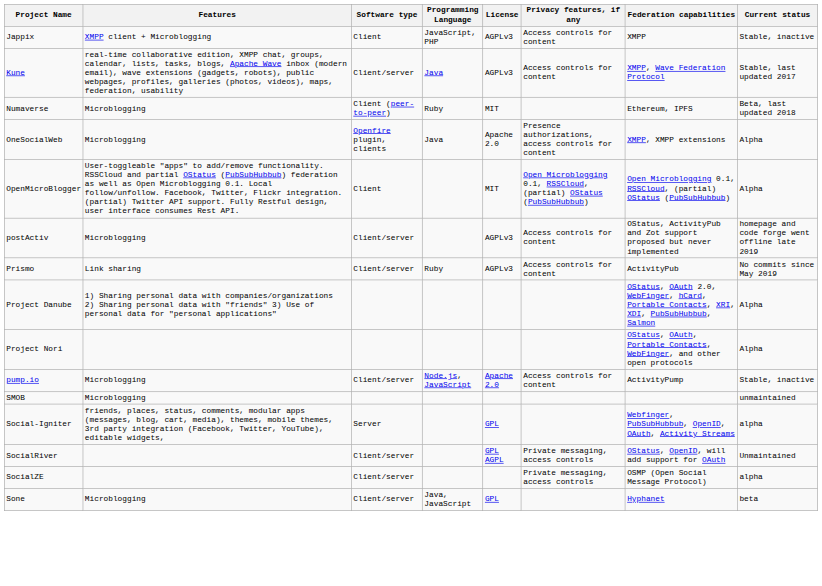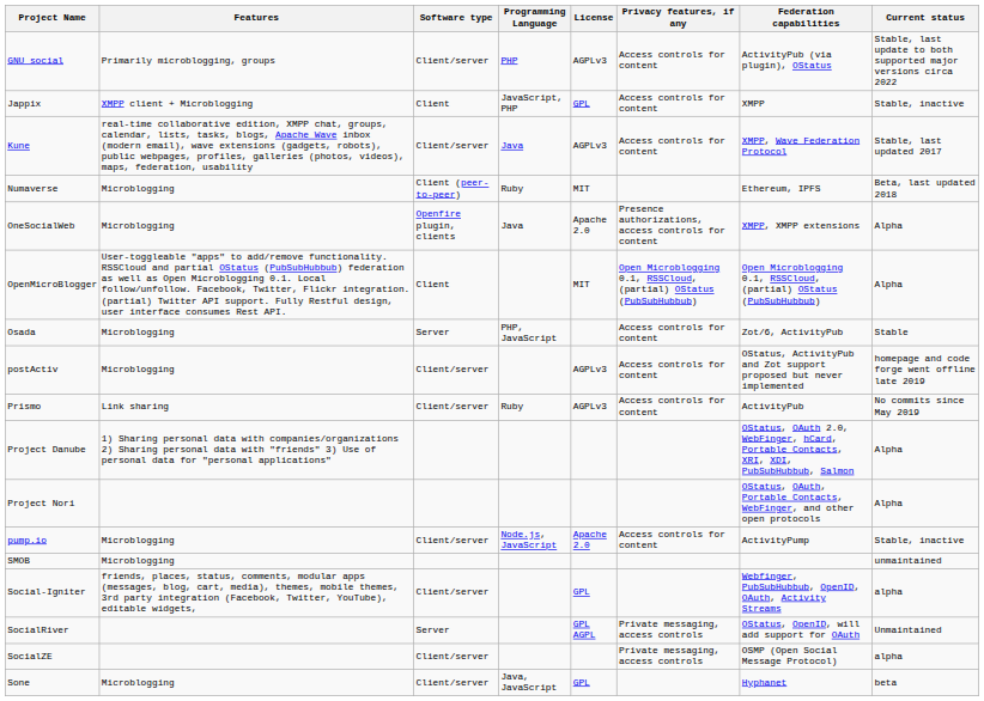 <table class="wikitable sortable" style="font-size: small;">
 <tr>
 <th scope=col>Project Name</th>
 <th scope=col>Features</th>
 <th scope=col>Software type</th>
 <th scope=col>Programming Language</th>
 <th scope=col>License</th>
 <th scope=col>Privacy features, if any</th>
 <th scope=col>Federation capabilities</th>
 <th scope=col>Current status</th>
 </tr>
 <tr>
+<td><a href='#'>GNU social</a></td>
+<td>Primarily microblogging, groups</td>
+<td>Client/server</td>
+<td><a href='#'>PHP</a></td>
+<td>AGPLv3</td>
+<td>Access controls for content</td>
+<td>ActivityPub (via plugin), <a href='#'>OStatus</a></td>
+<td>Stable, last update to both supported major versions circa 2022</td>
+</tr>
+<tr>
 <td>Jappix</td>
 <td><a href='#'>XMPP</a> client + Microblogging</td>
 <td>Client</td>
 <td>JavaScript, PHP</td>
-<td>AGPLv3</td>
+<td><a href='#'>GPL</a></td>
 <td>Access controls for content</td>
 <td>XMPP</td>
 <td>Stable, inactive</td>
 </tr>
 <tr>
 <td><a href='#'>Kune</a></td>
 <td>real-time collaborative edition, XMPP chat, groups, calendar, lists, tasks, blogs, <a href='#'>Apache Wave</a> inbox (modern email), wave extensions (gadgets, robots), public webpages, profiles, galleries (photos, videos), maps, federation, usability</td>
 <td>Client/server</td>
 <td><a href='#'>Java</a></td>
 <td>AGPLv3</td>
 <td>Access controls for content</td>
 <td><a href='#'>XMPP</a>, <a href='#'>Wave Federation Protocol</a></td>
 <td>Stable, last updated 2017</td>
 </tr>
 <tr>
 <td>Numaverse</td>
 <td>Microblogging</td>
 <td>Client (<a href='#'>peer-to-peer</a>)</td>
 <td>Ruby</td>
 <td>MIT</td>
 <td></td>
 <td>Ethereum, IPFS</td>
 <td>Beta, last updated 2018</td>
 </tr>
 <tr>
 <td>OneSocialWeb</td>
 <td>Microblogging</td>
 <td><a href='#'>Openfire</a> plugin, clients</td>
 <td>Java</td>
 <td>Apache 2.0</td>
 <td>Presence authorizations, access controls for content</td>
 <td><a href='#'>XMPP</a>, XMPP extensions</td>
 <td>Alpha</td>
 </tr>
 <tr>
 <td>OpenMicroBlogger</td>
 <td>User-toggleable "apps" to add/remove functionality. RSSCloud and partial <a href='#'>OStatus</a> (<a href='#'>PubSubHubbub</a>) federation as well as Open Microblogging 0.1. Local follow/unfollow. Facebook, Twitter, Flickr integration. (partial) Twitter API support. Fully Restful design, user interface consumes Rest API.</td>
 <td>Client</td>
 <td></td>
 <td>MIT</td>
 <td><a href='#'>Open Microblogging</a> 0.1,  <a href='#'>RSSCloud</a>, (partial) <a href='#'>OStatus</a> (<a href='#'>PubSubHubbub</a>)</td>
 <td><a href='#'>Open Microblogging</a> 0.1,  <a href='#'>RSSCloud</a>, (partial) <a href='#'>OStatus</a> (<a href='#'>PubSubHubbub</a>)</td>
 <td>Alpha</td>
+</tr>
+<tr>
+<td>Osada</td>
+<td>Microblogging</td>
+<td>Server</td>
+<td>PHP, JavaScript</td>
+<td></td>
+<td>Access controls for content</td>
+<td>Zot/6, ActivityPub</td>
+<td>Stable</td>
 </tr>
 <tr>
 <td>postActiv</td>
 <td>Microblogging</td>
 <td>Client/server</td>
 <td></td>
 <td>AGPLv3</td>
 <td>Access controls for content</td>
 <td>OStatus, ActivityPub and Zot support proposed but never implemented</td>
 <td>homepage and code forge went offline late 2019</td>
 </tr>
 <tr>
 <td>Prismo</td>
 <td>Link sharing</td>
 <td>Client/server</td>
 <td>Ruby</td>
 <td>AGPLv3</td>
 <td>Access controls for content</td>
 <td>ActivityPub</td>
 <td>No commits since May 2019</td>
 </tr>
 <tr>
 <td>Project Danube</td>
 <td>1) Sharing personal data with companies/organizations<br>2) Sharing personal data with "friends" 3) Use of personal data for "personal applications"</td>
 <td></td>
 <td></td>
 <td></td>
 <td></td>
 <td><a href='#'>OStatus</a>, <a href='#'>OAuth</a> 2.0, <a href='#'>WebFinger</a>, <a href='#'>hCard</a>, <a href='#'>Portable Contacts</a>, <a href='#'>XRI</a>, <a href='#'>XDI</a>, <a href='#'>PubSubHubbub</a>, <a href='#'>Salmon</a></td>
 <td>Alpha</td>
 </tr>
 <tr>
 <td>Project Nori</td>
 <td></td>
 <td></td>
 <td></td>
 <td></td>
 <td></td>
 <td><a href='#'>OStatus</a>, <a href='#'>OAuth</a>, <a href='#'>Portable Contacts</a>, <a href='#'>WebFinger</a>, and other open protocols</td>
 <td>Alpha</td>
 </tr>
 <tr>
 <td><a href='#'>pump.io</a></td>
 <td>Microblogging</td>
 <td>Client/server</td>
 <td><a href='#'>Node.js</a>, <a href='#'>JavaScript</a></td>
 <td><a href='#'>Apache 2.0</a></td>
 <td>Access controls for content</td>
 <td>ActivityPump</td>
 <td>Stable, inactive</td>
 </tr>
 <tr>
 <td>SMOB</td>
 <td>Microblogging</td>
 <td></td>
 <td></td>
 <td></td>
 <td></td>
 <td></td>
 <td>unmaintained</td>
 </tr>
 <tr>
 <td>Social-Igniter</td>
 <td>friends, places, status, comments, modular apps (messages, blog, cart, media), themes, mobile themes, 3rd party integration (Facebook, Twitter, YouTube), editable widgets,</td>
-<td>Server</td>
+<td>Client/server</td>
 <td></td>
 <td><a href='#'>GPL</a></td>
 <td></td>
 <td><a href='#'>Webfinger</a>, <a href='#'>PubSubHubbub</a>, <a href='#'>OpenID</a>, <a href='#'>OAuth</a>, <a href='#'>Activity Streams</a></td>
 <td>alpha</td>
 </tr>
 <tr>
 <td>SocialRiver</td>
 <td></td>
-<td>Client/server</td>
+<td>Server</td>
 <td></td>
 <td><a href='#'>GPL</a><br><a href='#'>AGPL</a></td>
 <td>Private messaging, access controls</td>
 <td><a href='#'>OStatus</a>, <a href='#'>OpenID</a>, will add support for <a href='#'>OAuth</a></td>
 <td>Unmaintained</td>
 </tr>
 <tr>
 <td>SocialZE</td>
 <td></td>
 <td>Client/server</td>
 <td></td>
 <td></td>
 <td>Private messaging, access controls</td>
 <td>OSMP (Open Social Message Protocol)</td>
 <td>alpha</td>
 </tr>
 <tr>
 <td>Sone</td>
 <td>Microblogging</td>
 <td>Client/server</td>
 <td>Java, JavaScript</td>
 <td><a href='#'>GPL</a></td>
 <td></td>
 <td><a href='#'>Hyphanet</a></td>
 <td>beta</td>
 </tr>
 </table>
